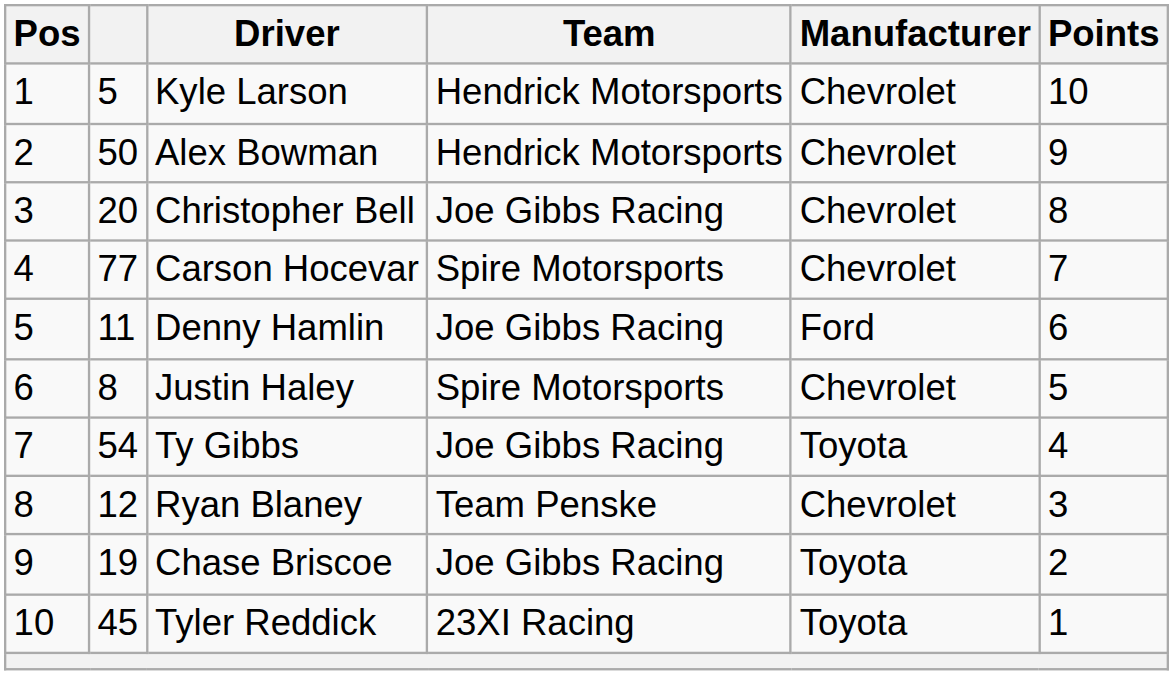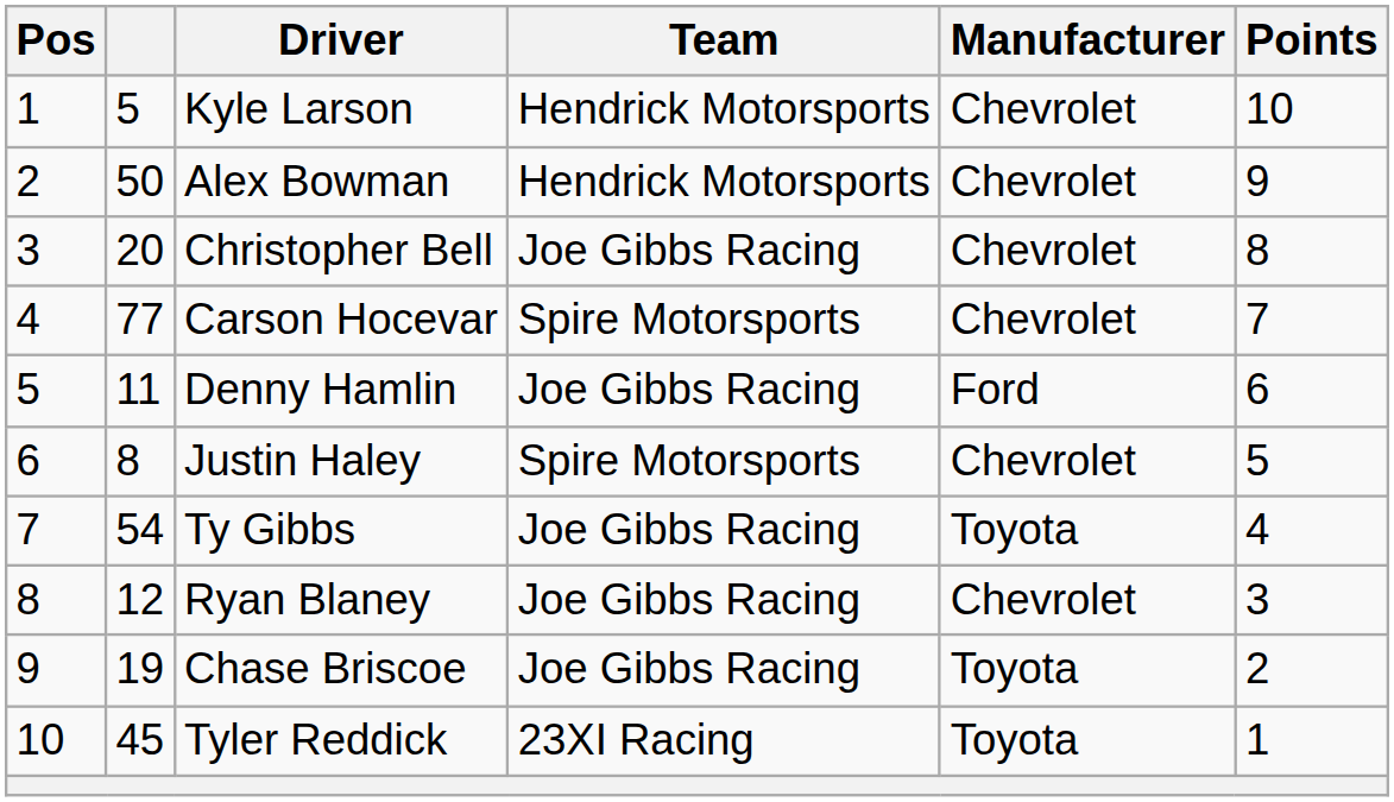 <table class="wikitable" style="font-size:98%">
 <tr>
 <th>Pos</th>
 <th></th>
 <th>Driver</th>
 <th>Team</th>
 <th>Manufacturer</th>
 <th>Points</th>
 </tr>
 <tr>
 <td>1</td>
 <td>5</td>
 <td>Kyle Larson</td>
 <td>Hendrick Motorsports</td>
 <td>Chevrolet</td>
 <td>10</td>
 </tr>
 <tr>
 <td>2</td>
 <td>50</td>
 <td>Alex Bowman</td>
 <td>Hendrick Motorsports</td>
 <td>Chevrolet</td>
 <td>9</td>
 </tr>
 <tr>
 <td>3</td>
 <td>20</td>
 <td>Christopher Bell</td>
 <td>Joe Gibbs Racing</td>
 <td>Chevrolet</td>
 <td>8</td>
 </tr>
 <tr>
 <td>4</td>
 <td>77</td>
 <td>Carson Hocevar</td>
 <td>Spire Motorsports</td>
 <td>Chevrolet</td>
 <td>7</td>
 </tr>
 <tr>
 <td>5</td>
 <td>11</td>
 <td>Denny Hamlin</td>
 <td>Joe Gibbs Racing</td>
 <td>Ford</td>
 <td>6</td>
 </tr>
 <tr>
 <td>6</td>
 <td>8</td>
 <td>Justin Haley</td>
 <td>Spire Motorsports</td>
 <td>Chevrolet</td>
 <td>5</td>
 </tr>
 <tr>
 <td>7</td>
 <td>54</td>
 <td>Ty Gibbs</td>
 <td>Joe Gibbs Racing</td>
 <td>Toyota</td>
 <td>4</td>
 </tr>
 <tr>
 <td>8</td>
 <td>12</td>
 <td>Ryan Blaney</td>
-<td>Team Penske</td>
+<td>Joe Gibbs Racing</td>
 <td>Chevrolet</td>
 <td>3</td>
 </tr>
 <tr>
 <td>9</td>
 <td>19</td>
 <td>Chase Briscoe</td>
 <td>Joe Gibbs Racing</td>
 <td>Toyota</td>
 <td>2</td>
 </tr>
 <tr>
 <td>10</td>
 <td>45</td>
 <td>Tyler Reddick</td>
 <td>23XI Racing</td>
 <td>Toyota</td>
 <td>1</td>
 </tr>
 <tr>
 <th colspan="6"></th>
 </tr>
 </table>
